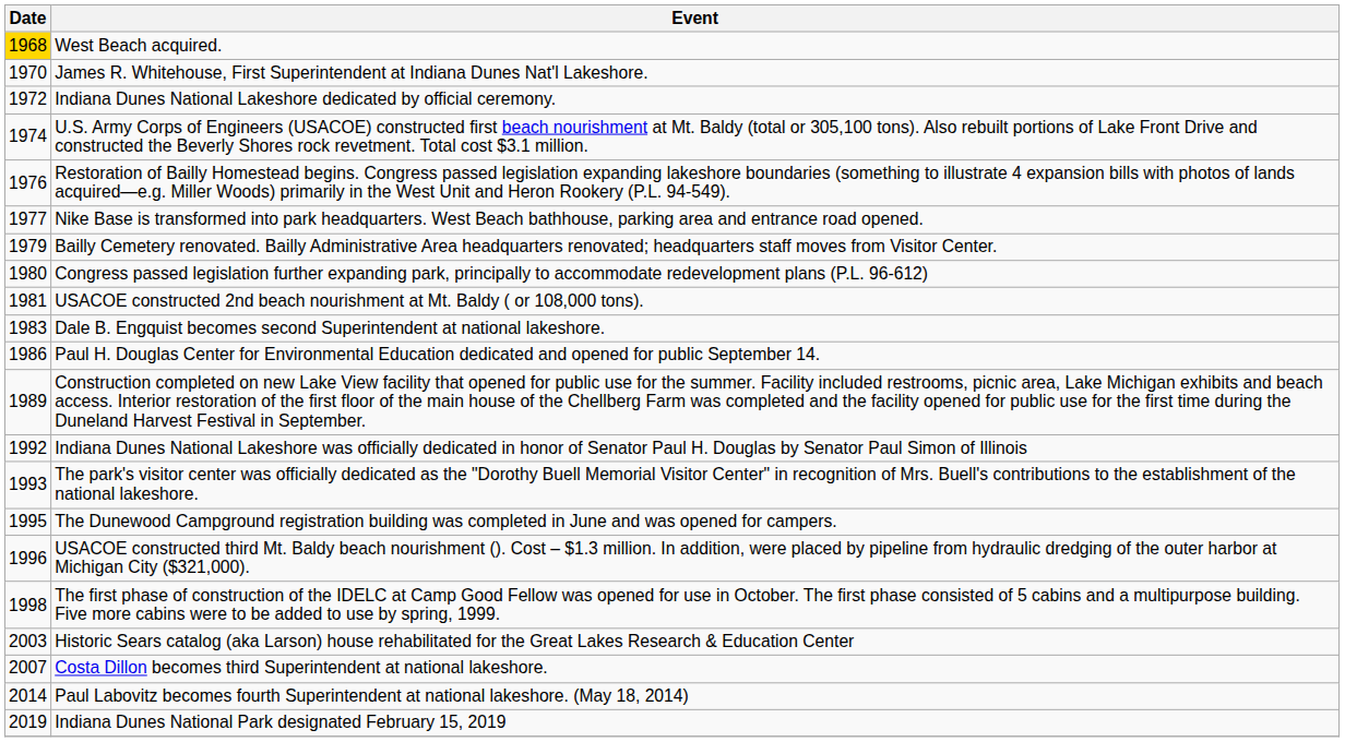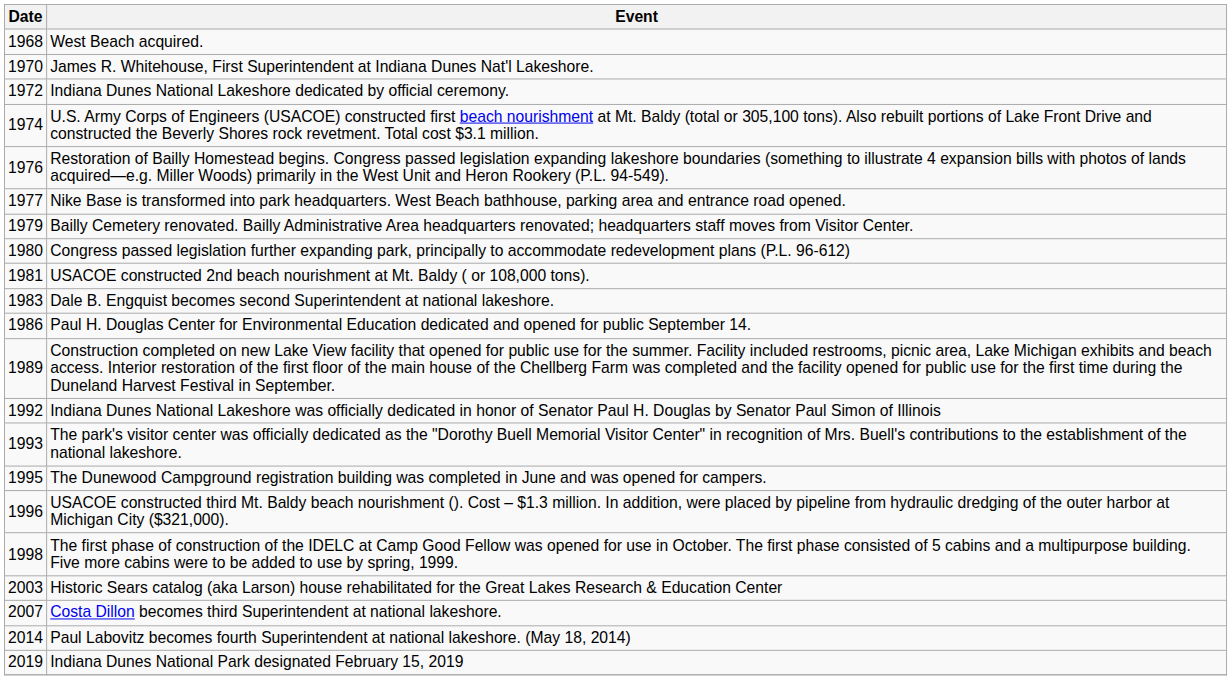 <table class="wikitable">
 <tr>
 <th>Date</th>
 <th>Event</th>
 </tr>
 <tr>
-<td style="background: gold;">1968</td>
+<td>1968</td>
 <td>West Beach acquired.</td>
 </tr>
 <tr>
 <td>1970</td>
 <td>James R. Whitehouse, First Superintendent at Indiana Dunes Nat'l Lakeshore.</td>
 </tr>
 <tr>
 <td>1972</td>
 <td>Indiana Dunes National Lakeshore dedicated by official ceremony.</td>
 </tr>
 <tr>
 <td>1974</td>
 <td>U.S. Army Corps of Engineers (USACOE) constructed first <a href='#'>beach nourishment</a> at Mt. Baldy (total  or 305,100 tons). Also rebuilt portions of Lake Front Drive and constructed the Beverly Shores rock revetment. Total cost $3.1 million.</td>
 </tr>
 <tr>
 <td>1976</td>
 <td>Restoration of Bailly Homestead begins. Congress passed legislation expanding lakeshore boundaries (something to illustrate 4 expansion bills with photos of lands acquired—e.g. Miller Woods) primarily in the West Unit and Heron Rookery (P.L. 94-549).</td>
 </tr>
 <tr>
 <td>1977</td>
 <td>Nike Base is transformed into park headquarters. West Beach bathhouse, parking area and entrance road opened.</td>
 </tr>
 <tr>
 <td>1979</td>
 <td>Bailly Cemetery renovated. Bailly Administrative Area headquarters renovated; headquarters staff moves from Visitor Center.</td>
 </tr>
 <tr>
 <td>1980</td>
 <td>Congress passed legislation further expanding park, principally to accommodate redevelopment plans (P.L. 96-612)</td>
 </tr>
 <tr>
 <td>1981</td>
 <td>USACOE constructed 2nd beach nourishment at Mt. Baldy ( or 108,000 tons).</td>
 </tr>
 <tr>
 <td>1983</td>
 <td>Dale B. Engquist becomes second Superintendent at national lakeshore.</td>
 </tr>
 <tr>
 <td>1986</td>
 <td>Paul H. Douglas Center for Environmental Education dedicated and opened for public September 14.</td>
 </tr>
 <tr>
 <td>1989</td>
 <td>Construction completed on new Lake View facility that opened for public use for the summer. Facility included restrooms, picnic area, Lake Michigan exhibits and beach access. Interior restoration of the first floor of the main house of the Chellberg Farm was completed and the facility opened for public use for the first time during the Duneland Harvest Festival in September.</td>
 </tr>
 <tr>
 <td>1992</td>
 <td>Indiana Dunes National Lakeshore was officially dedicated in honor of Senator Paul H. Douglas by Senator Paul Simon of Illinois</td>
 </tr>
 <tr>
 <td>1993</td>
 <td>The park's visitor center was officially dedicated as the "Dorothy Buell Memorial Visitor Center" in recognition of Mrs. Buell's contributions to the establishment of the national lakeshore.</td>
 </tr>
 <tr>
 <td>1995</td>
 <td>The Dunewood Campground registration building was completed in June and was opened for campers.</td>
 </tr>
 <tr>
 <td>1996</td>
 <td>USACOE constructed third Mt. Baldy beach nourishment (). Cost – $1.3 million. In addition,  were placed by pipeline from hydraulic dredging of the outer harbor at Michigan City ($321,000).</td>
 </tr>
 <tr>
 <td>1998</td>
 <td>The first phase of construction of the IDELC at Camp Good Fellow was opened for use in October. The first phase consisted of 5 cabins and a multipurpose building. Five more cabins were to be added to use by spring, 1999.</td>
 </tr>
 <tr>
 <td>2003</td>
 <td>Historic Sears catalog (aka Larson) house rehabilitated for the Great Lakes Research & Education Center</td>
 </tr>
 <tr>
 <td>2007</td>
 <td><a href='#'>Costa Dillon</a> becomes third Superintendent at national lakeshore.</td>
 </tr>
 <tr>
 <td>2014</td>
 <td>Paul Labovitz becomes fourth Superintendent at national lakeshore. (May 18, 2014)</td>
 </tr>
 <tr>
 <td>2019</td>
 <td>Indiana Dunes National Park designated February 15, 2019</td>
 </tr>
 <tr>
 </tr>
 </table>
